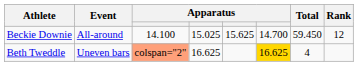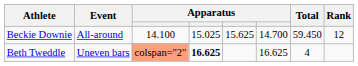 <table class="wikitable" style="font-size:90%">
 <tr>
 <th rowspan=2>Athlete</th>
 <th rowspan=2>Event</th>
 <th colspan =4>Apparatus</th>
 <th rowspan=2>Total</th>
 <th rowspan=2>Rank</th>
 </tr>
 <tr style="font-size:95%">
 <th></th>
 <th></th>
 <th></th>
 <th></th>
 </tr>
 <tr align=center>
 <td align=left><a href='#'>Beckie Downie</a></td>
 <td align=left><a href='#'>All-around</a></td>
 <td>14.100</td>
 <td>15.025</td>
 <td>15.625</td>
 <td>14.700</td>
 <td>59.450</td>
 <td>12</td>
 </tr>
 <tr align=center>
 <td align=left><a href='#'>Beth Tweddle</a></td>
 <td align=left><a href='#'>Uneven bars</a></td>
 <td style="background: lightsalmon;">colspan="2" </td>
+<td><strong>16.625</strong></td>
+<td></td>
 <td>16.625</td>
-<td></td>
-<td style="background: gold;">16.625</td>
 <td>4</td>
 </tr>
 </table>
